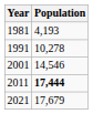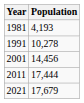 <table class=wikitable>
 <tr>
 <th>Year</th>
 <th>Population</th>
 </tr>
 <tr>
 <td>1981</td>
 <td>4,193</td>
 </tr>
 <tr>
 <td>1991</td>
 <td>10,278</td>
 </tr>
 <tr>
 <td>2001</td>
-<td>14,546</td>
+<td>14,456</td>
 </tr>
 <tr>
 <td>2011</td>
-<td><strong>17,444</strong></td>
+<td>17,444</td>
 </tr>
 <tr>
 <td>2021</td>
 <td>17,679</td>
 </tr>
 </table>
